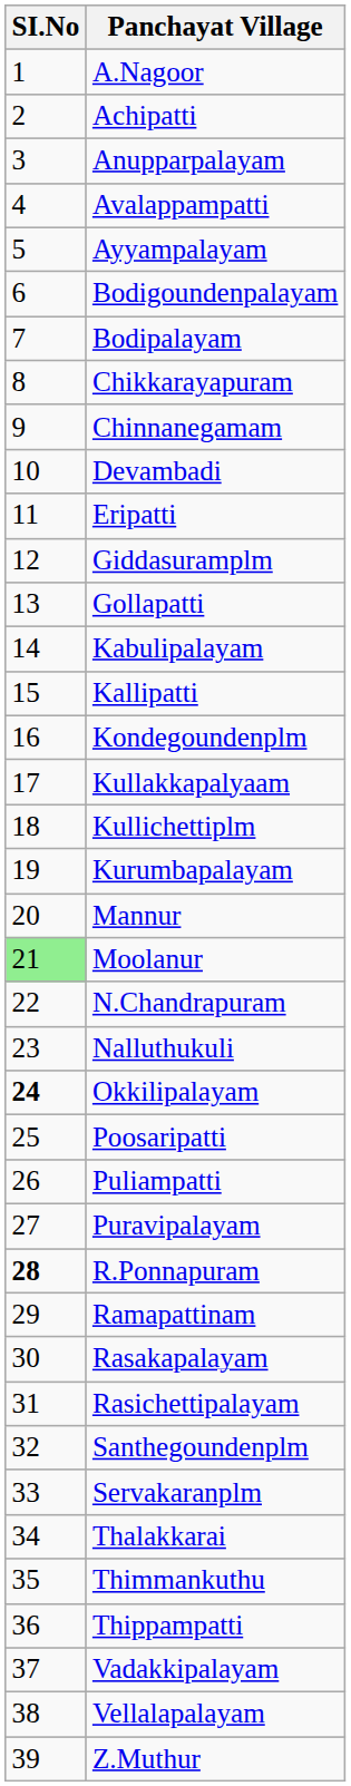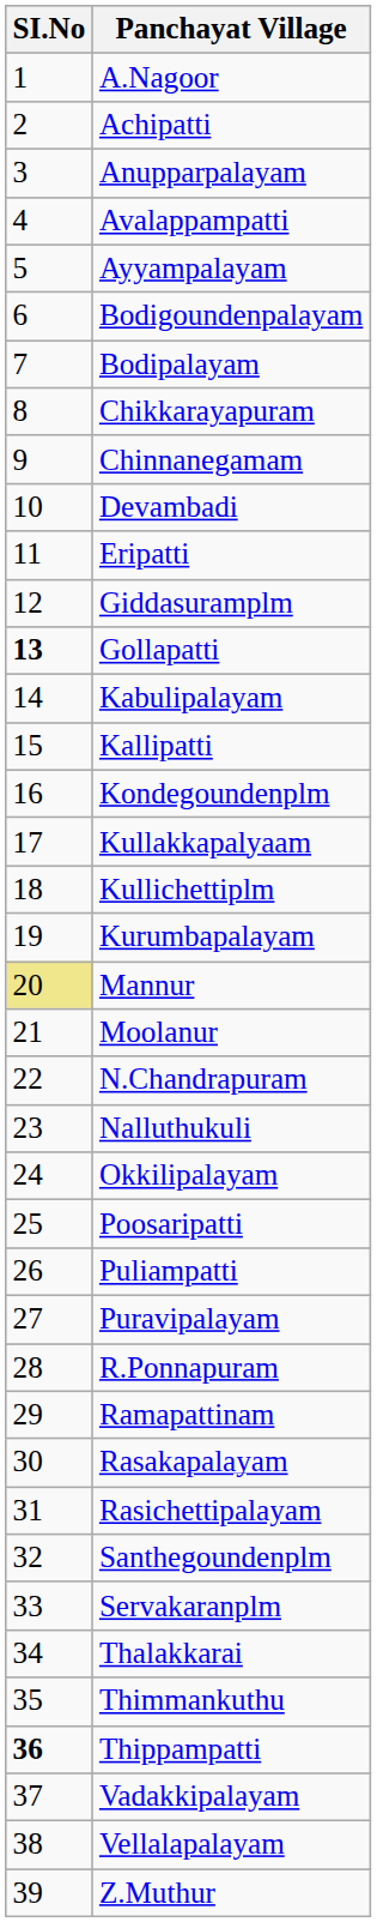 <table class="wikitable sortable">
 <tr>
 <th>SI.No</th>
 <th>Panchayat Village</th>
 </tr>
 <tr>
 <td>1</td>
 <td><a href='#'>A.Nagoor</a></td>
 </tr>
 <tr>
 <td>2</td>
 <td><a href='#'>Achipatti</a></td>
 </tr>
 <tr>
 <td>3</td>
 <td><a href='#'>Anupparpalayam</a></td>
 </tr>
 <tr>
 <td>4</td>
 <td><a href='#'>Avalappampatti</a></td>
 </tr>
 <tr>
 <td>5</td>
 <td><a href='#'>Ayyampalayam</a></td>
 </tr>
 <tr>
 <td>6</td>
 <td><a href='#'>Bodigoundenpalayam</a></td>
 </tr>
 <tr>
 <td>7</td>
 <td><a href='#'>Bodipalayam</a></td>
 </tr>
 <tr>
 <td>8</td>
 <td><a href='#'>Chikkarayapuram</a></td>
 </tr>
 <tr>
 <td>9</td>
 <td><a href='#'>Chinnanegamam</a></td>
 </tr>
 <tr>
 <td>10</td>
 <td><a href='#'>Devambadi</a></td>
 </tr>
 <tr>
 <td>11</td>
 <td><a href='#'>Eripatti</a></td>
 </tr>
 <tr>
 <td>12</td>
 <td><a href='#'>Giddasuramplm</a></td>
 </tr>
 <tr>
-<td>13</td>
+<td><strong>13</strong></td>
 <td><a href='#'>Gollapatti</a></td>
 </tr>
 <tr>
 <td>14</td>
 <td><a href='#'>Kabulipalayam</a></td>
 </tr>
 <tr>
 <td>15</td>
 <td><a href='#'>Kallipatti</a></td>
 </tr>
 <tr>
 <td>16</td>
 <td><a href='#'>Kondegoundenplm</a></td>
 </tr>
 <tr>
 <td>17</td>
 <td><a href='#'>Kullakkapalyaam</a></td>
 </tr>
 <tr>
 <td>18</td>
 <td><a href='#'>Kullichettiplm</a></td>
 </tr>
 <tr>
 <td>19</td>
 <td><a href='#'>Kurumbapalayam</a></td>
 </tr>
 <tr>
-<td>20</td>
+<td style="background: khaki;">20</td>
 <td><a href='#'>Mannur</a></td>
 </tr>
 <tr>
-<td style="background: lightgreen;">21</td>
+<td>21</td>
 <td><a href='#'>Moolanur</a></td>
 </tr>
 <tr>
 <td>22</td>
 <td><a href='#'>N.Chandrapuram</a></td>
 </tr>
 <tr>
 <td>23</td>
 <td><a href='#'>Nalluthukuli</a></td>
 </tr>
 <tr>
-<td><strong>24</strong></td>
+<td>24</td>
 <td><a href='#'>Okkilipalayam</a></td>
 </tr>
 <tr>
 <td>25</td>
 <td><a href='#'>Poosaripatti</a></td>
 </tr>
 <tr>
 <td>26</td>
 <td><a href='#'>Puliampatti</a></td>
 </tr>
 <tr>
 <td>27</td>
 <td><a href='#'>Puravipalayam</a></td>
 </tr>
 <tr>
-<td><strong>28</strong></td>
+<td>28</td>
 <td><a href='#'>R.Ponnapuram</a></td>
 </tr>
 <tr>
 <td>29</td>
 <td><a href='#'>Ramapattinam</a></td>
 </tr>
 <tr>
 <td>30</td>
 <td><a href='#'>Rasakapalayam</a></td>
 </tr>
 <tr>
 <td>31</td>
 <td><a href='#'>Rasichettipalayam</a></td>
 </tr>
 <tr>
 <td>32</td>
 <td><a href='#'>Santhegoundenplm</a></td>
 </tr>
 <tr>
 <td>33</td>
 <td><a href='#'>Servakaranplm</a></td>
 </tr>
 <tr>
 <td>34</td>
 <td><a href='#'>Thalakkarai</a></td>
 </tr>
 <tr>
 <td>35</td>
 <td><a href='#'>Thimmankuthu</a></td>
 </tr>
 <tr>
-<td>36</td>
+<td><strong>36</strong></td>
 <td><a href='#'>Thippampatti</a></td>
 </tr>
 <tr>
 <td>37</td>
 <td><a href='#'>Vadakkipalayam</a></td>
 </tr>
 <tr>
 <td>38</td>
 <td><a href='#'>Vellalapalayam</a></td>
 </tr>
 <tr>
 <td>39</td>
 <td><a href='#'>Z.Muthur</a></td>
 </tr>
 </table>
